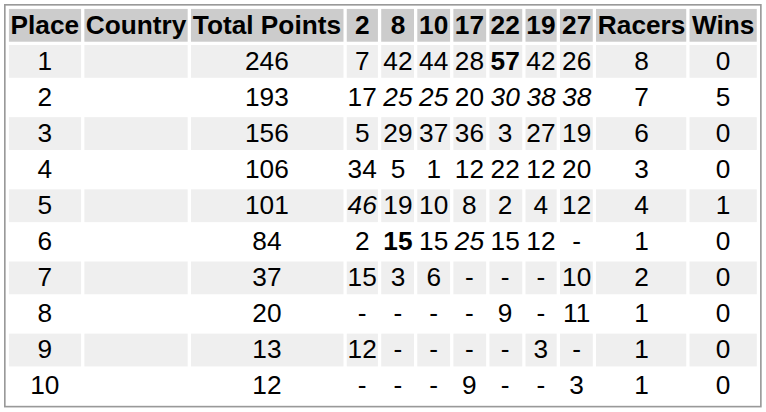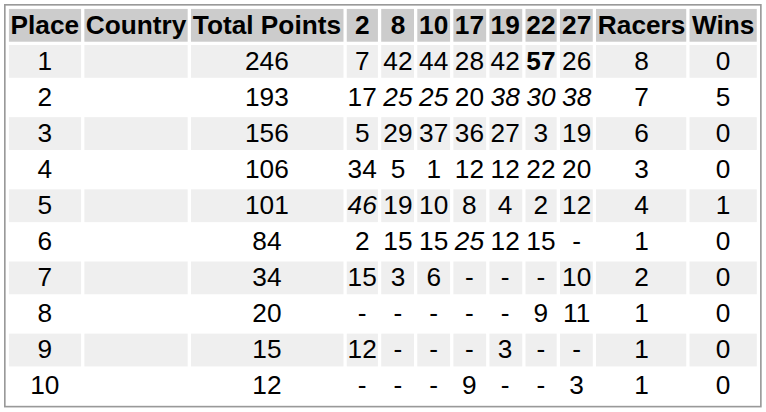 <table border="0" style="border: 1px solid #999; background-color:#FFFFFF; text-align:center">
 <tr align="center" bgcolor="#CCCCCC">
 <th>Place</th>
 <th>Country</th>
 <th>Total Points</th>
 <th>2</th>
 <th>8</th>
 <th>10</th>
 <th>17</th>
+<th>19</th>
 <th>22</th>
-<th>19</th>
 <th>27</th>
 <th>Racers</th>
 <th>Wins</th>
 </tr>
 <tr bgcolor="#EFEFEF">
 <td>1</td>
 <td align="left"></td>
 <td>246</td>
 <td>7</td>
 <td>42</td>
 <td>44</td>
 <td>28</td>
+<td>42</td>
 <td><strong>57</strong></td>
-<td>42</td>
 <td>26</td>
 <td>8</td>
 <td>0</td>
 </tr>
 <tr>
 <td>2</td>
 <td align="left"></td>
 <td>193</td>
 <td>17</td>
 <td><em>25</em></td>
 <td><em>25</em></td>
 <td>20</td>
+<td><em>38</em></td>
 <td><em>30</em></td>
-<td><em>38</em></td>
 <td><em>38</em></td>
 <td>7</td>
 <td>5</td>
 </tr>
 <tr bgcolor="#EFEFEF">
 <td>3</td>
 <td align="left"></td>
 <td>156</td>
 <td>5</td>
 <td>29</td>
 <td>37</td>
 <td>36</td>
+<td>27</td>
 <td>3</td>
-<td>27</td>
 <td>19</td>
 <td>6</td>
 <td>0</td>
 </tr>
 <tr>
 <td>4</td>
 <td align="left"></td>
 <td>106</td>
 <td>34</td>
 <td>5</td>
 <td>1</td>
 <td>12</td>
+<td>12</td>
 <td>22</td>
-<td>12</td>
 <td>20</td>
 <td>3</td>
 <td>0</td>
 </tr>
 <tr bgcolor="#EFEFEF">
 <td>5</td>
 <td align="left"></td>
 <td>101</td>
 <td><em>46</em></td>
 <td>19</td>
 <td>10</td>
 <td>8</td>
+<td>4</td>
 <td>2</td>
-<td>4</td>
 <td>12</td>
 <td>4</td>
 <td>1</td>
 </tr>
 <tr>
 <td>6</td>
 <td align="left"></td>
 <td>84</td>
 <td>2</td>
-<td><strong>15</strong></td>
+<td>15</td>
 <td>15</td>
 <td><em>25</em></td>
+<td>12</td>
 <td>15</td>
-<td>12</td>
 <td>-</td>
 <td>1</td>
 <td>0</td>
 </tr>
 <tr bgcolor="#EFEFEF">
 <td>7</td>
 <td align="left"></td>
-<td>37</td>
+<td>34</td>
 <td>15</td>
 <td>3</td>
 <td>6</td>
 <td>-</td>
 <td>-</td>
 <td>-</td>
 <td>10</td>
 <td>2</td>
 <td>0</td>
 </tr>
 <tr>
 <td>8</td>
 <td align="left"></td>
 <td>20</td>
 <td>-</td>
 <td>-</td>
 <td>-</td>
 <td>-</td>
+<td>-</td>
 <td>9</td>
-<td>-</td>
 <td>11</td>
 <td>1</td>
 <td>0</td>
 </tr>
 <tr bgcolor="#EFEFEF">
 <td>9</td>
 <td align="left"></td>
-<td>13</td>
+<td>15</td>
 <td>12</td>
 <td>-</td>
 <td>-</td>
 <td>-</td>
+<td>3</td>
 <td>-</td>
-<td>3</td>
 <td>-</td>
 <td>1</td>
 <td>0</td>
 </tr>
 <tr>
 <td>10</td>
 <td align="left"></td>
 <td>12</td>
 <td>-</td>
 <td>-</td>
 <td>-</td>
 <td>9</td>
 <td>-</td>
 <td>-</td>
 <td>3</td>
 <td>1</td>
 <td>0</td>
 </tr>
 </table>
